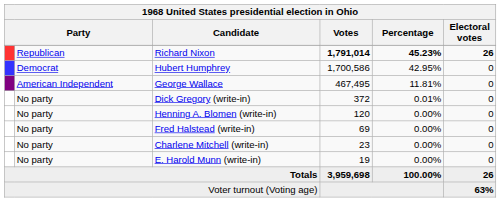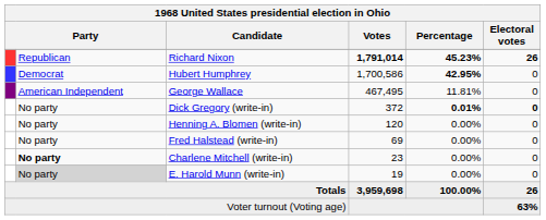 <table class="wikitable" style="font-size: 95%;">
 <tr>
 <th colspan="6">1968 United States presidential election in Ohio</th>
 </tr>
 <tr>
 <th colspan="2" style="width: 15em">Party</th>
 <th style="width: 17em">Candidate</th>
 <th style="width: 5em">Votes</th>
 <th style="width: 7em">Percentage</th>
 <th style="width: 5em">Electoral votes</th>
 </tr>
 <tr>
 </tr>
 <tr>
 <th style="background-color:#FF3333; width: 3px"></th>
 <td style="width: 130px"><a href='#'>Republican</a></td>
 <td><a href='#'>Richard Nixon</a></td>
 <td align="right"><strong>1,791,014</strong></td>
 <td align="right"><strong>45.23%</strong></td>
 <td align="right"><strong>26</strong></td>
 </tr>
 <tr>
 <th style="background-color:#3333FF; width: 3px"></th>
 <td style="width: 130px"><a href='#'>Democrat</a></td>
 <td><a href='#'>Hubert Humphrey</a></td>
 <td align="right">1,700,586</td>
-<td align="right">42.95%</td>
+<td align="right"><strong>42.95%</strong></td>
 <td align="right">0</td>
 </tr>
 <tr>
 <th style="background-color:#800080; width: 3px"></th>
 <td style="width: 130px"><a href='#'>American Independent</a></td>
 <td><a href='#'>George Wallace</a></td>
 <td align="right">467,495</td>
 <td align="right">11.81%</td>
 <td align="right">0</td>
 </tr>
 <tr>
 <th style="background-color:#FFFFFF; width: 3px"></th>
 <td style="width: 130px">No party</td>
 <td><a href='#'>Dick Gregory</a> (write-in)</td>
 <td align="right">372</td>
-<td align="right">0.01%</td>
-<td align="right">0</td>
+<td align="right"><strong>0.01%</strong></td>
+<td align="right"><strong>0</strong></td>
 </tr>
 <tr>
 <th style="background-color:#FFFFFF; width: 3px"></th>
 <td style="width: 130px">No party</td>
 <td><a href='#'>Henning A. Blomen</a> (write-in)</td>
 <td align="right">120</td>
 <td align="right">0.00%</td>
 <td align="right">0</td>
 </tr>
 <tr>
 <th style="background-color:#FFFFFF; width: 3px"></th>
 <td style="width: 130px">No party</td>
 <td><a href='#'>Fred Halstead</a> (write-in)</td>
 <td align="right">69</td>
 <td align="right">0.00%</td>
 <td align="right">0</td>
 </tr>
 <tr>
 <th style="background-color:#FFFFFF; width: 3px"></th>
-<td style="width: 130px">No party</td>
+<td style="width: 130px"><strong>No party</strong></td>
 <td><a href='#'>Charlene Mitchell</a> (write-in)</td>
 <td align="right">23</td>
 <td align="right">0.00%</td>
 <td align="right">0</td>
 </tr>
 <tr>
 <th style="background-color:#FFFFFF; width: 3px"></th>
-<td style="width: 130px">No party</td>
+<td style="background: lightgrey; width: 130px">No party</td>
 <td><a href='#'>E. Harold Munn</a> (write-in)</td>
 <td align="right">19</td>
 <td align="right">0.00%</td>
 <td align="right">0</td>
 </tr>
 <tr bgcolor="#EEEEEE">
 <td colspan="3" align="right"><strong>Totals</strong></td>
 <td align="right"><strong>3,959,698</strong></td>
 <td align="right"><strong>100.00%</strong></td>
 <td align="right"><strong>26</strong></td>
 </tr>
 <tr bgcolor="#EEEEEE">
 <td colspan="3" align="right">Voter turnout (Voting age)</td>
 <td colspan="2" align="right"></td>
 <td align="right"><strong>63%</strong></td>
 </tr>
 </table>
